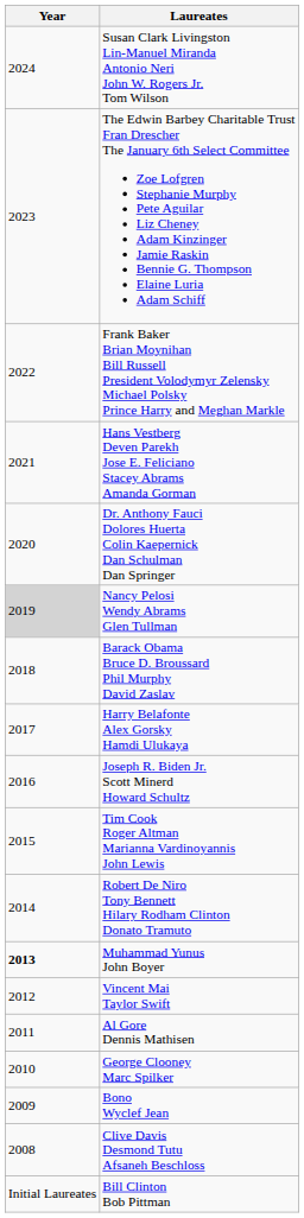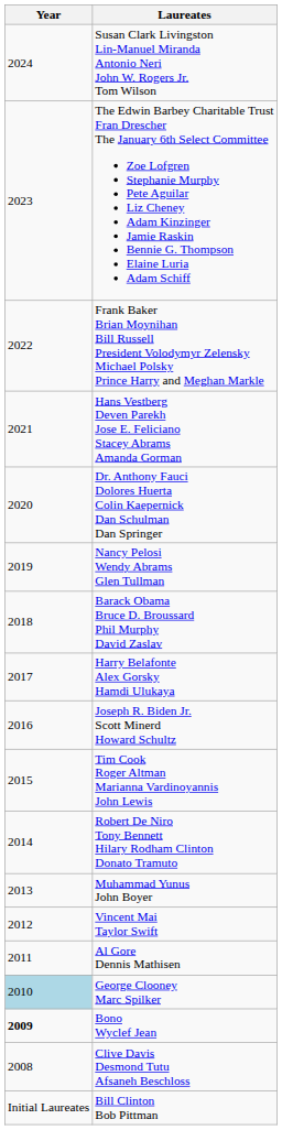 <table class="wikitable">
 <tr>
 <th>Year</th>
 <th>Laureates</th>
 </tr>
 <tr>
 <td>2024</td>
 <td>Susan Clark Livingston<br><a href='#'>Lin-Manuel Miranda</a><br><a href='#'>Antonio Neri</a><br><a href='#'>John W. Rogers Jr.</a><br>Tom Wilson</td>
 </tr>
 <tr>
 <td>2023</td>
 <td>The Edwin Barbey Charitable Trust<br><a href='#'>Fran Drescher</a><br>The <a href='#'>January 6th Select Committee</a><ul><li><a href='#'>Zoe Lofgren</a></li><li><a href='#'>Stephanie Murphy</a></li><li><a href='#'>Pete Aguilar</a></li><li><a href='#'>Liz Cheney</a></li><li><a href='#'>Adam Kinzinger</a></li><li><a href='#'>Jamie Raskin</a></li><li><a href='#'>Bennie G. Thompson</a></li><li><a href='#'>Elaine Luria</a></li><li><a href='#'>Adam Schiff</a></li></ul></td>
 </tr>
 <tr>
 <td>2022</td>
 <td>Frank Baker<br><a href='#'>Brian Moynihan</a><br><a href='#'>Bill Russell</a><br><a href='#'>President Volodymyr Zelensky</a><br><a href='#'>Michael Polsky</a><br><a href='#'>Prince Harry</a> and <a href='#'>Meghan Markle</a></td>
 </tr>
 <tr>
 <td>2021</td>
 <td><a href='#'>Hans Vestberg</a><br><a href='#'>Deven Parekh</a><br><a href='#'>Jose E. Feliciano</a><br><a href='#'>Stacey Abrams</a><br><a href='#'>Amanda Gorman</a></td>
 </tr>
 <tr>
 <td>2020</td>
 <td><a href='#'>Dr. Anthony Fauci</a><br><a href='#'>Dolores Huerta</a><br><a href='#'>Colin Kaepernick</a><br><a href='#'>Dan Schulman</a><br>Dan Springer</td>
 </tr>
 <tr>
-<td style="background: lightgrey;">2019</td>
+<td>2019</td>
 <td><a href='#'>Nancy Pelosi</a><br><a href='#'>Wendy Abrams</a><br><a href='#'>Glen Tullman</a></td>
 </tr>
 <tr>
 <td>2018</td>
 <td><a href='#'>Barack Obama</a><br><a href='#'>Bruce D. Broussard</a><br><a href='#'>Phil Murphy</a><br><a href='#'>David Zaslav</a></td>
 </tr>
 <tr>
 <td>2017</td>
 <td><a href='#'>Harry Belafonte</a><br><a href='#'>Alex Gorsky</a><br><a href='#'>Hamdi Ulukaya</a></td>
 </tr>
 <tr>
 <td>2016</td>
 <td><a href='#'>Joseph R. Biden Jr.</a><br>Scott Minerd<br><a href='#'>Howard Schultz</a></td>
 </tr>
 <tr>
 <td>2015</td>
 <td><a href='#'>Tim Cook</a><br><a href='#'>Roger Altman</a><br><a href='#'>Marianna Vardinoyannis</a><br><a href='#'>John Lewis</a></td>
 </tr>
 <tr>
 <td>2014</td>
 <td><a href='#'>Robert De Niro</a><br><a href='#'>Tony Bennett</a><br><a href='#'>Hilary Rodham Clinton</a><br><a href='#'>Donato Tramuto</a></td>
 </tr>
 <tr>
-<td><strong>2013</strong></td>
+<td>2013</td>
 <td><a href='#'>Muhammad Yunus</a><br>John Boyer</td>
 </tr>
 <tr>
 <td>2012</td>
 <td><a href='#'>Vincent Mai</a><br><a href='#'>Taylor Swift</a></td>
 </tr>
 <tr>
 <td>2011</td>
 <td><a href='#'>Al Gore</a><br>Dennis Mathisen</td>
 </tr>
 <tr>
-<td>2010</td>
+<td style="background: lightblue;">2010</td>
 <td><a href='#'>George Clooney</a><br><a href='#'>Marc Spilker</a></td>
 </tr>
 <tr>
-<td>2009</td>
+<td><strong>2009</strong></td>
 <td><a href='#'>Bono</a><br><a href='#'>Wyclef Jean</a></td>
 </tr>
 <tr>
 <td>2008</td>
 <td><a href='#'>Clive Davis</a><br><a href='#'>Desmond Tutu</a><br><a href='#'>Afsaneh Beschloss</a></td>
 </tr>
 <tr>
 <td>Initial Laureates</td>
 <td><a href='#'>Bill Clinton</a><br>Bob Pittman</td>
 </tr>
 </table>
